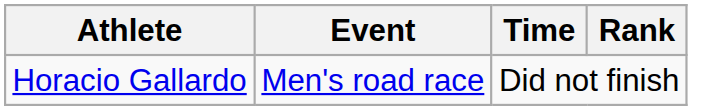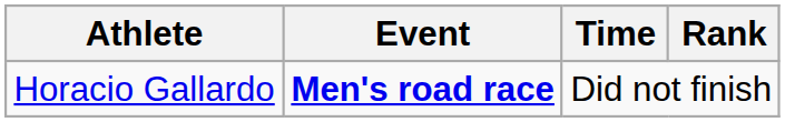 <table class=wikitable style="font-size:90%">
 <tr>
 <th>Athlete</th>
 <th>Event</th>
 <th>Time</th>
 <th>Rank</th>
 </tr>
 <tr align=center>
 <td align=left><a href='#'>Horacio Gallardo</a></td>
-<td align=left><a href='#'>Men's road race</a></td>
+<td align=left><strong><a href='#'>Men's road race</a></strong></td>
 <td colspan=2>Did not finish</td>
 </tr>
 </table>
